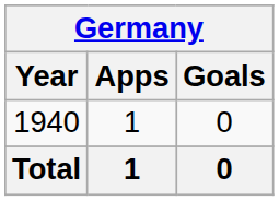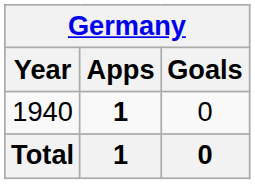 <table class="wikitable" style="text-align:center">
 <tr>
 <th colspan=3><a href='#'>Germany</a></th>
 </tr>
 <tr>
 <th>Year</th>
 <th>Apps</th>
 <th>Goals</th>
 </tr>
 <tr>
 <td>1940</td>
-<td>1</td>
+<td><strong>1</strong></td>
 <td>0</td>
 </tr>
 <tr>
 <th>Total</th>
 <th>1</th>
 <th>0</th>
 </tr>
 </table>
